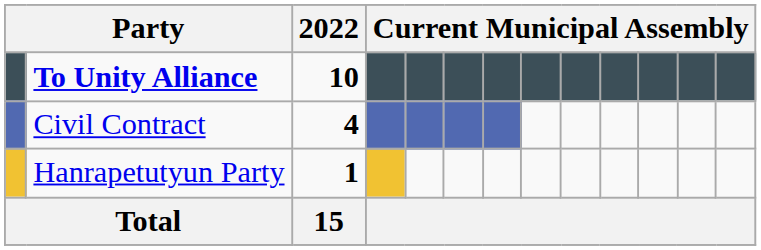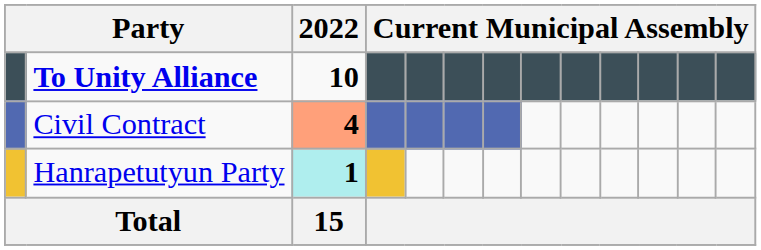 <table class="wikitable">
 <tr>
 <th colspan="2">Party</th>
 <th>2022</th>
 <th colspan="13">Current Municipal Assembly</th>
 </tr>
 <tr>
 <td style="background-color: #3C4F58"> </td>
 <td><strong><a href='#'>To Unity Alliance</a></strong></td>
 <td style="text-align: right"><strong>10</strong></td>
 <td style="background-color: #3C4F58"> </td>
 <td style="background-color: #3C4F58"> </td>
 <td style="background-color: #3C4F58"> </td>
 <td style="background-color: #3C4F58"> </td>
 <td style="background-color: #3C4F58"> </td>
 <td style="background-color: #3C4F58"> </td>
 <td style="background-color: #3C4F58"> </td>
 <td style="background-color: #3C4F58"> </td>
 <td style="background-color: #3C4F58"> </td>
 <td style="background-color: #3C4F58"> </td>
 </tr>
 <tr>
 <td style="background-color: #5169B1"> </td>
 <td><a href='#'>Civil Contract</a></td>
-<td style="text-align: right"><strong>4</strong></td>
+<td style="background: lightsalmon; text-align: right"><strong>4</strong></td>
 <td style="background-color: #5169B1"> </td>
 <td style="background-color: #5169B1"> </td>
 <td style="background-color: #5169B1"> </td>
 <td style="background-color: #5169B1"> </td>
 <td></td>
 <td></td>
 <td></td>
 <td></td>
 <td></td>
 <td></td>
 </tr>
 <tr>
 <td style="background-color: #f1c232"> </td>
 <td><a href='#'>Hanrapetutyun Party</a></td>
-<td style="text-align: right"><strong>1</strong></td>
+<td style="background: paleturquoise; text-align: right"><strong>1</strong></td>
 <td style="background-color: #f1c232"> </td>
 <td></td>
 <td></td>
 <td></td>
 <td></td>
 <td></td>
 <td></td>
 <td></td>
 <td></td>
 <td></td>
 </tr>
 <tr>
 <th colspan="2">Total</th>
 <th>15</th>
 <th colspan="13"></th>
 </tr>
 </table>
